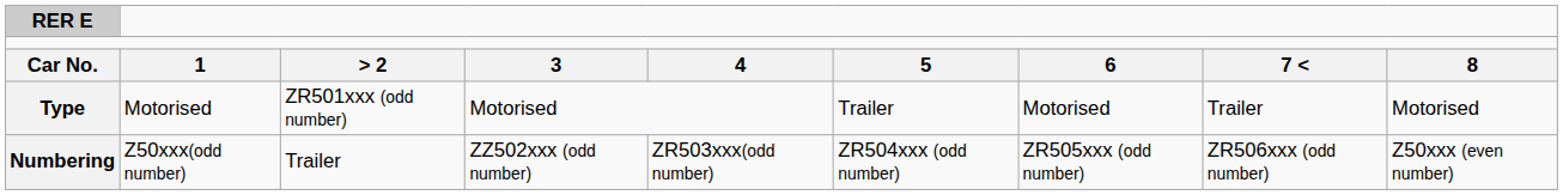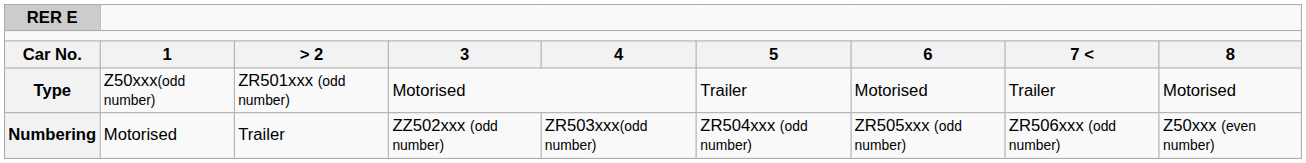 <table class="wikitable">
 <tr>
 <th style="background-color:#ccc;">RER E</th>
 <td colspan="8"></td>
 </tr>
 <tr style="line-height: 9px; background-color:#">
 <td colspan="9" style="padding:0; border:0;"> </td>
 </tr>
 <tr>
 <th>Car No.</th>
 <th>1</th>
 <th>> 2</th>
 <th>3</th>
 <th>4</th>
 <th>5</th>
 <th>6</th>
 <th>7 <</th>
 <th>8</th>
 </tr>
 <tr>
 <th>Type</th>
-<td>Motorised</td>
+<td>Z50xxx<small>(odd number)</small></td>
 <td>ZR501xxx <small>(odd number)</small></td>
 <td colspan="2">Motorised</td>
 <td>Trailer</td>
 <td>Motorised</td>
 <td>Trailer</td>
 <td>Motorised</td>
 </tr>
 <tr>
 <th>Numbering</th>
-<td>Z50xxx<small>(odd number)</small></td>
+<td>Motorised</td>
 <td>Trailer</td>
 <td>ZZ502xxx <small>(odd number)</small></td>
 <td>ZR503xxx<small>(odd number)</small></td>
 <td>ZR504xxx <small>(odd number)</small></td>
 <td>ZR505xxx <small>(odd number)</small></td>
 <td>ZR506xxx <small>(odd number)</small></td>
 <td>Z50xxx <small>(even number)</small></td>
 </tr>
 </table>
